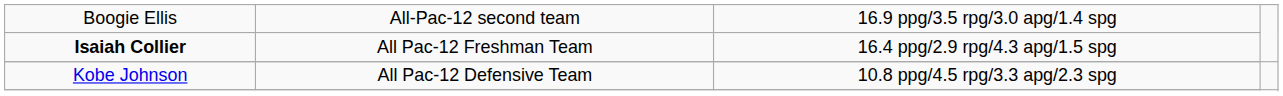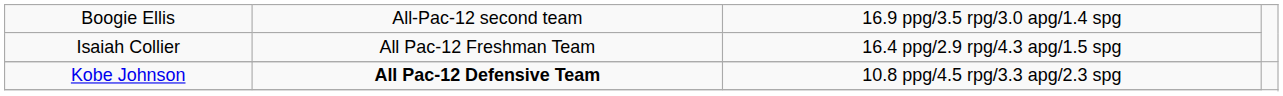 <table class="wikitable" style="width: 90%;text-align: center;">
 <tr align="center">
 <td>Boogie Ellis</td>
 <td>All-Pac-12 second team</td>
 <td>16.9 ppg/3.5 rpg/3.0 apg/1.4 spg</td>
 <td rowspan="3"></td>
 </tr>
 <tr align="center">
-<td><strong>Isaiah Collier</strong></td>
+<td>Isaiah Collier</td>
 <td>All Pac-12 Freshman Team</td>
 <td>16.4 ppg/2.9 rpg/4.3 apg/1.5 spg</td>
 </tr>
 <tr>
 </tr>
 <tr align="center">
 <td><a href='#'>Kobe Johnson</a></td>
-<td>All Pac-12 Defensive Team</td>
+<td><strong>All Pac-12 Defensive Team</strong></td>
 <td>10.8 ppg/4.5 rpg/3.3 apg/2.3 spg</td>
 </tr>
 <tr>
 </tr>
 </table>
